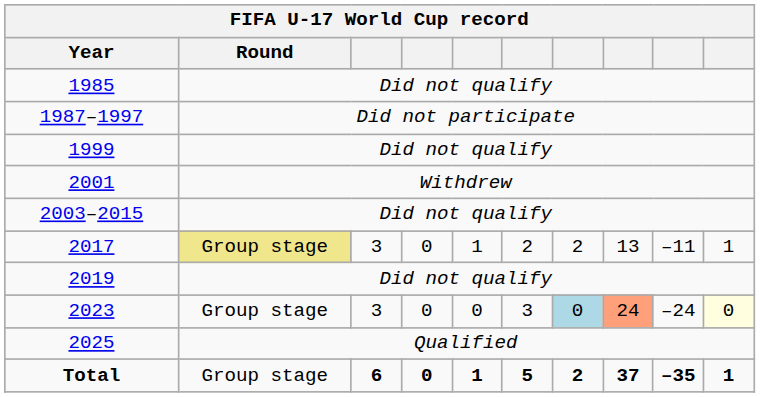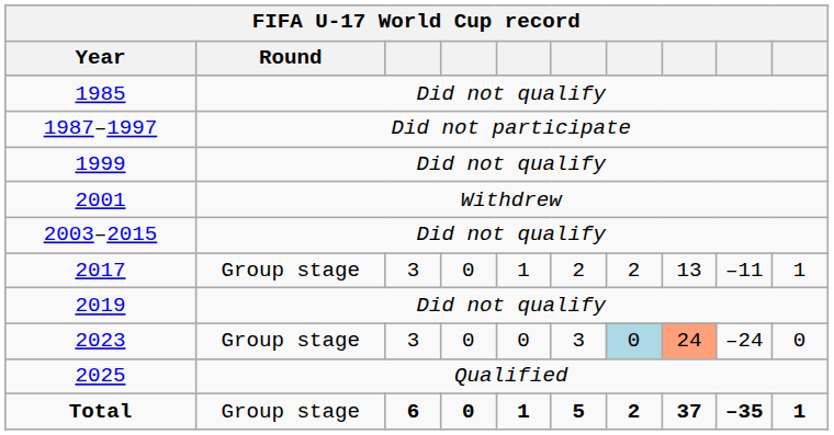 <table class="wikitable" style="text-align: center; font-size: 90%;">
 <tr>
 <th colspan=10>FIFA U-17 World Cup record</th>
 </tr>
 <tr>
 <th width=100>Year</th>
 <th width=100>Round</th>
 <th width=25></th>
 <th width=25></th>
 <th width=25></th>
 <th width=25></th>
 <th width=25></th>
 <th width=25></th>
 <th width=25></th>
 <th width=25></th>
 </tr>
 <tr>
 <td> <a href='#'>1985</a></td>
 <td colspan=10><em>Did not qualify</em></td>
 </tr>
 <tr>
 <td><a href='#'>1987</a>–<a href='#'>1997</a></td>
 <td colspan=10><em>Did not participate</em></td>
 </tr>
 <tr>
 <td> <a href='#'>1999</a></td>
 <td colspan=10><em>Did not qualify</em></td>
 </tr>
 <tr>
 <td> <a href='#'>2001</a></td>
 <td colspan=10><em>Withdrew</em></td>
 </tr>
 <tr>
 <td><a href='#'>2003</a>–<a href='#'>2015</a></td>
 <td colspan=10><em>Did not qualify</em></td>
 </tr>
 <tr>
 <td> <a href='#'>2017</a></td>
-<td style="background: khaki;">Group stage</td>
+<td>Group stage</td>
 <td>3</td>
 <td>0</td>
 <td>1</td>
 <td>2</td>
 <td>2</td>
 <td>13</td>
 <td>–11</td>
 <td>1</td>
 </tr>
 <tr>
 <td> <a href='#'>2019</a></td>
 <td colspan=10><em>Did not qualify</em></td>
 </tr>
 <tr>
 <td> <a href='#'>2023</a></td>
 <td>Group stage</td>
 <td>3</td>
 <td>0</td>
 <td>0</td>
 <td>3</td>
 <td style="background: lightblue;">0</td>
 <td style="background: lightsalmon;">24</td>
 <td>–24</td>
-<td style="background: lightyellow;">0</td>
+<td>0</td>
 </tr>
 <tr>
 <td> <a href='#'>2025</a></td>
 <td colspan=10><em>Qualified</em></td>
 </tr>
 <tr>
 <td><strong>Total</strong></td>
 <td>Group stage</td>
 <td><strong>6</strong></td>
 <td><strong>0</strong></td>
 <td><strong>1</strong></td>
 <td><strong>5</strong></td>
 <td><strong>2</strong></td>
 <td><strong>37</strong></td>
 <td><strong>–35</strong></td>
 <td><strong>1</strong></td>
 </tr>
 </table>
